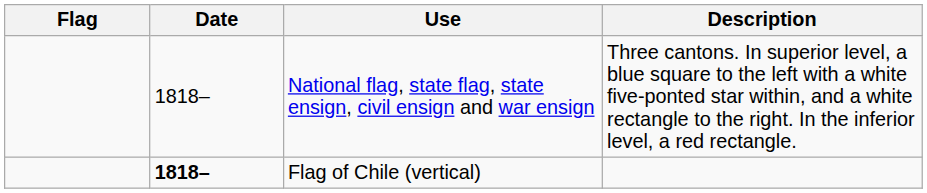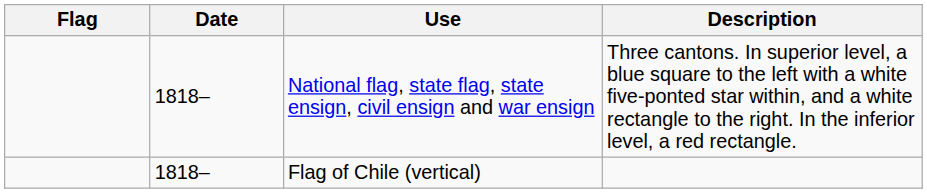 <table class="wikitable" style="background: #f9f9f9">
 <tr>
 <th width="110">Flag</th>
 <th width="100">Date</th>
 <th width="250">Use</th>
 <th width="250">Description</th>
 </tr>
 <tr>
 <td></td>
 <td>1818–</td>
 <td><a href='#'>National flag</a>, <a href='#'>state flag</a>, <a href='#'>state ensign</a>, <a href='#'>civil ensign</a> and <a href='#'>war ensign</a></td>
 <td>Three cantons. In superior level, a blue square to the left with a white five-ponted star within, and a white rectangle to the right. In the inferior level, a red rectangle.</td>
 </tr>
 <tr>
 <td></td>
-<td><strong>1818–</strong></td>
+<td>1818–</td>
 <td>Flag of Chile (vertical)</td>
 </tr>
 </table>
